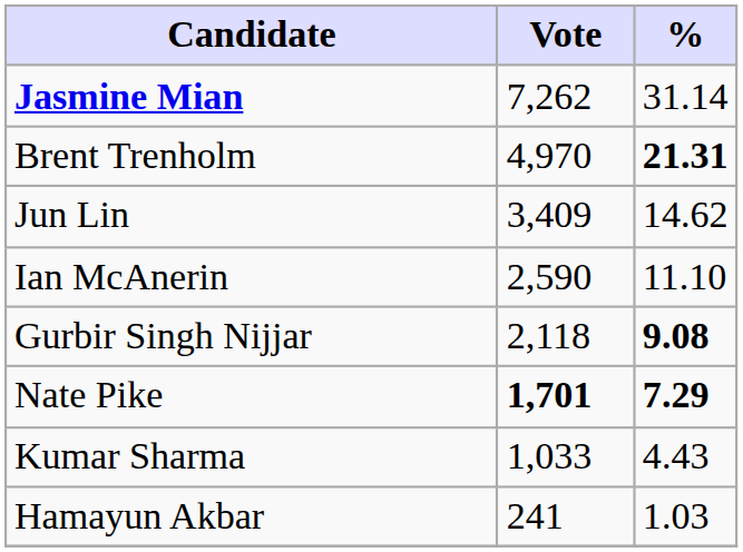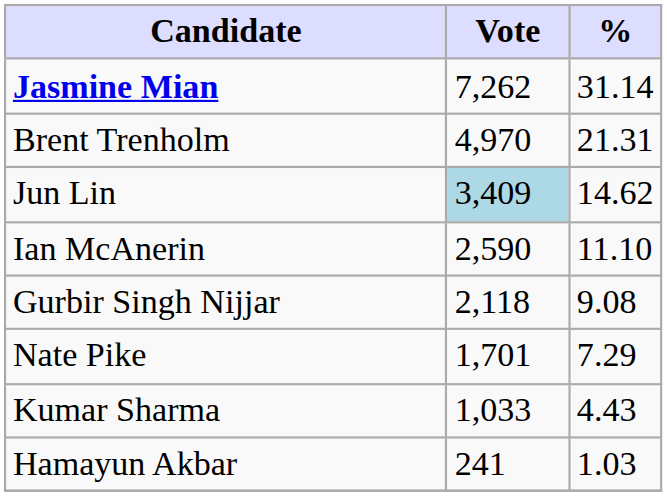 <table class="wikitable">
 <tr>
 <th style="background:#ddf; width:200px;">Candidate</th>
 <th style="background:#ddf; width:50px;">Vote</th>
 <th style="background:#ddf; width:30px;">%</th>
 </tr>
 <tr>
 <td><strong><a href='#'>Jasmine Mian</a></strong></td>
 <td>7,262</td>
 <td>31.14</td>
 </tr>
 <tr>
 <td>Brent Trenholm</td>
 <td>4,970</td>
-<td><strong>21.31</strong></td>
+<td>21.31</td>
 </tr>
 <tr>
 <td>Jun Lin</td>
-<td>3,409</td>
+<td style="background: lightblue;">3,409</td>
 <td>14.62</td>
 </tr>
 <tr>
 <td>Ian McAnerin</td>
 <td>2,590</td>
 <td>11.10</td>
 </tr>
 <tr>
 <td>Gurbir Singh Nijjar</td>
 <td>2,118</td>
-<td><strong>9.08</strong></td>
+<td>9.08</td>
 </tr>
 <tr>
 <td>Nate Pike</td>
-<td><strong>1,701</strong></td>
-<td><strong>7.29</strong></td>
+<td>1,701</td>
+<td>7.29</td>
 </tr>
 <tr>
 <td>Kumar Sharma</td>
 <td>1,033</td>
 <td>4.43</td>
 </tr>
 <tr>
 <td>Hamayun Akbar</td>
 <td>241</td>
 <td>1.03</td>
 </tr>
 <tr>
 </tr>
 </table>
